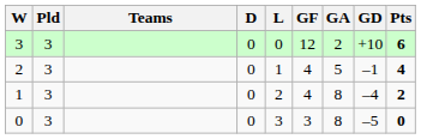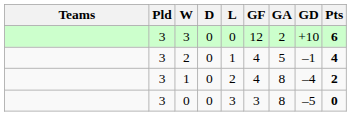 <table class="wikitable" style="text-align: center;">
 <tr>
+<th width=165>Teams</th>
+<th width=20>Pld</th>
 <th width=20>W</th>
-<th width=20>Pld</th>
-<th width=165>Teams</th>
 <th width=20>D</th>
 <th width=20>L</th>
 <th width=20>GF</th>
 <th width=20>GA</th>
 <th width=20>GD</th>
 <th width=20>Pts</th>
 </tr>
 <tr align=center style="background:#ccffcc;">
+<td style="text-align:left;"></td>
 <td>3</td>
 <td>3</td>
-<td style="text-align:left;"></td>
 <td>0</td>
 <td>0</td>
 <td>12</td>
 <td>2</td>
 <td>+10</td>
 <td><strong>6</strong></td>
 </tr>
 <tr align=center>
+<td style="text-align:left;"></td>
+<td>3</td>
 <td>2</td>
-<td>3</td>
-<td style="text-align:left;"></td>
 <td>0</td>
 <td>1</td>
 <td>4</td>
 <td>5</td>
 <td>–1</td>
 <td><strong>4</strong></td>
 </tr>
 <tr align=center>
+<td style="text-align:left;"></td>
+<td>3</td>
 <td>1</td>
-<td>3</td>
-<td style="text-align:left;"></td>
 <td>0</td>
 <td>2</td>
 <td>4</td>
 <td>8</td>
 <td>–4</td>
 <td><strong>2</strong></td>
 </tr>
 <tr align=center>
+<td style="text-align:left;"></td>
+<td>3</td>
 <td>0</td>
-<td>3</td>
-<td style="text-align:left;"></td>
 <td>0</td>
 <td>3</td>
 <td>3</td>
 <td>8</td>
 <td>–5</td>
 <td><strong>0</strong></td>
 </tr>
 </table>
